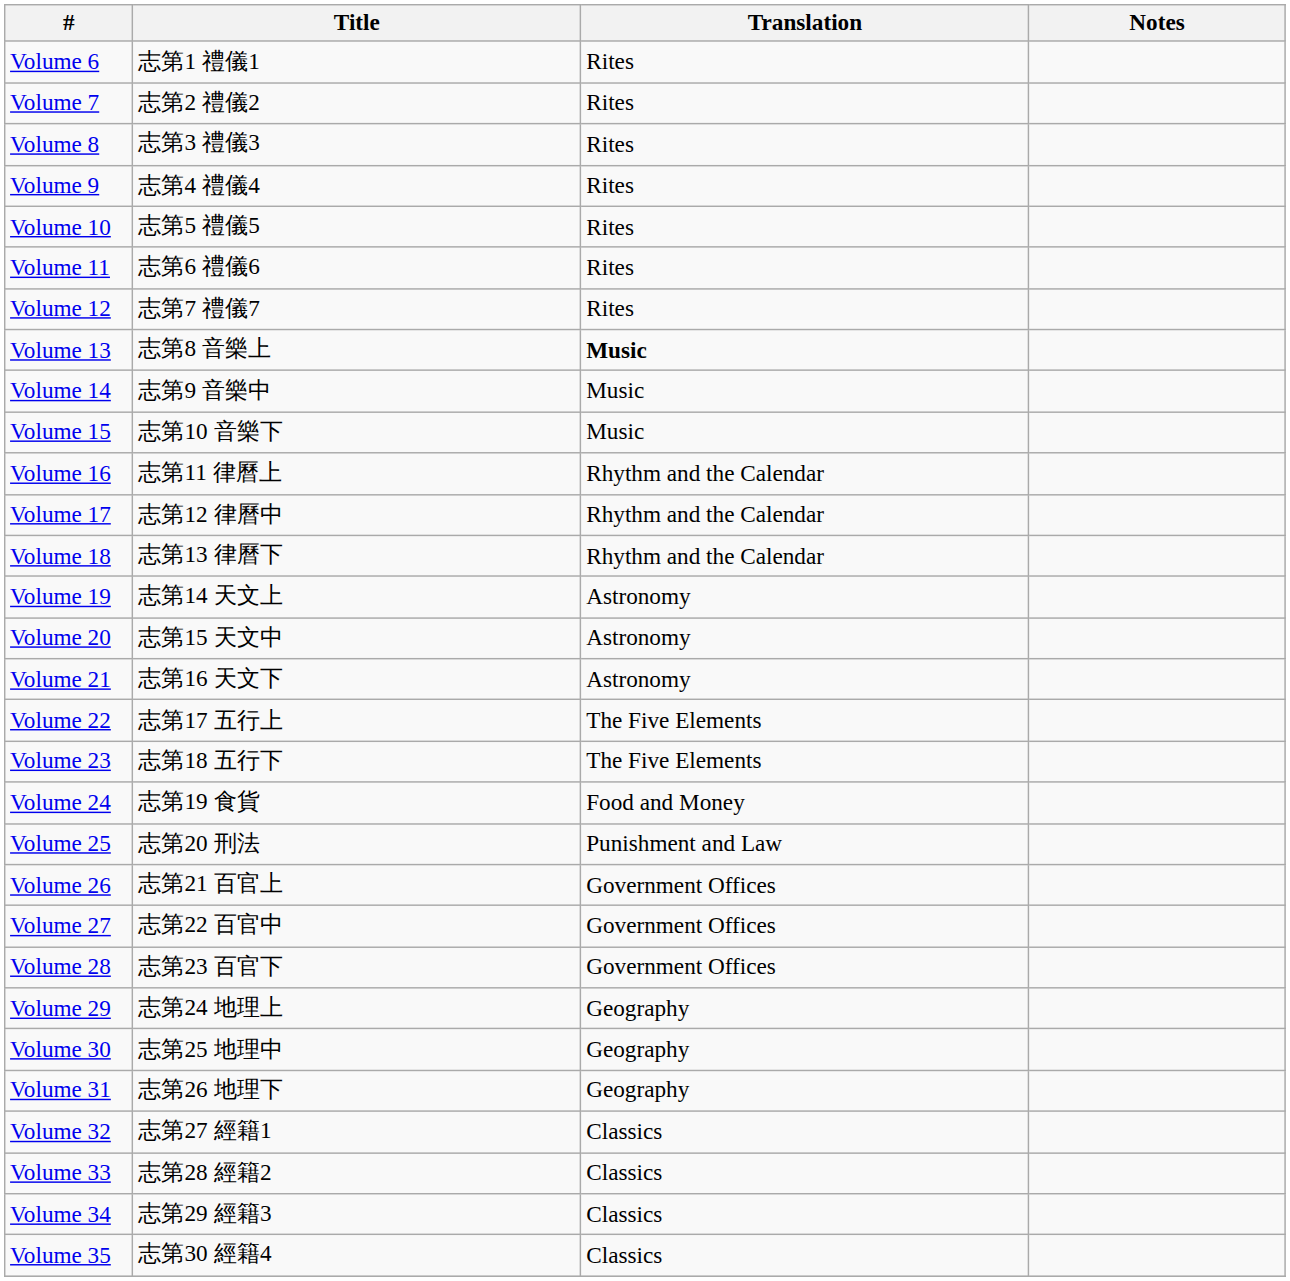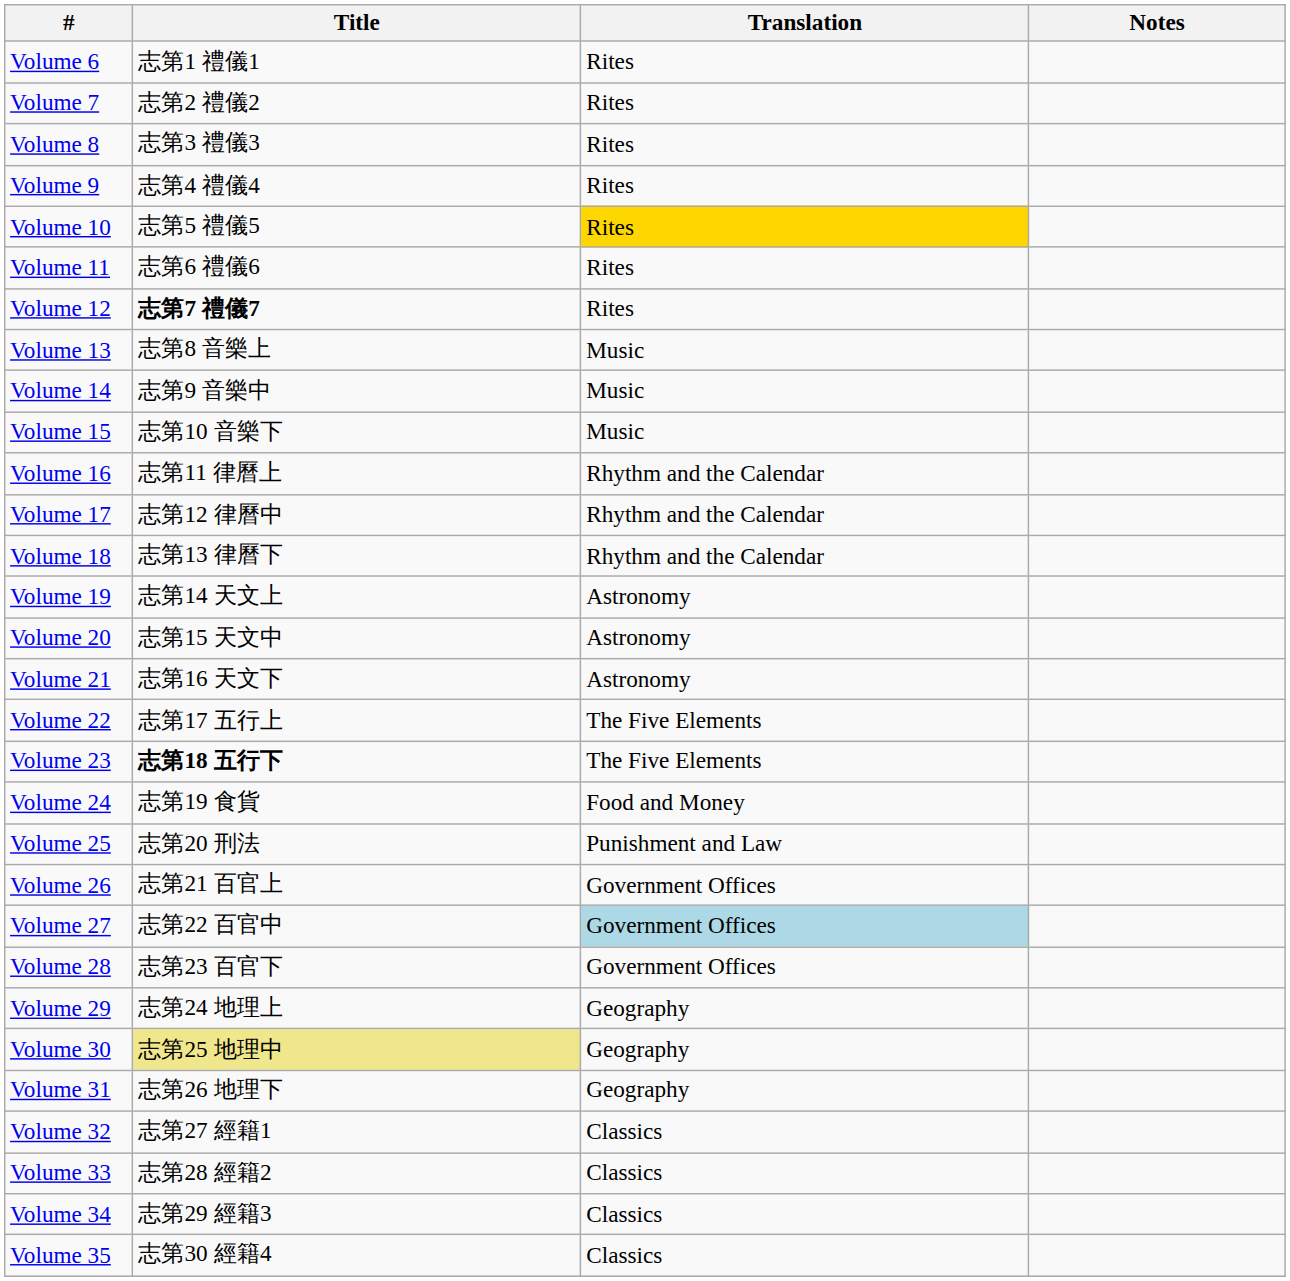 <table class=wikitable width=100%>
 <tr>
 <th width=10%>#</th>
 <th width=35%>Title</th>
 <th width=35%>Translation</th>
 <th width=20%>Notes</th>
 </tr>
 <tr>
 <td><a href='#'>Volume 6</a></td>
 <td>志第1 禮儀1</td>
 <td>Rites</td>
 <td></td>
 </tr>
 <tr>
 <td><a href='#'>Volume 7</a></td>
 <td>志第2 禮儀2</td>
 <td>Rites</td>
 <td></td>
 </tr>
 <tr>
 <td><a href='#'>Volume 8</a></td>
 <td>志第3 禮儀3</td>
 <td>Rites</td>
 <td></td>
 </tr>
 <tr>
 <td><a href='#'>Volume 9</a></td>
 <td>志第4 禮儀4</td>
 <td>Rites</td>
 <td></td>
 </tr>
 <tr>
 <td><a href='#'>Volume 10</a></td>
 <td>志第5 禮儀5</td>
-<td>Rites</td>
+<td style="background: gold;">Rites</td>
 <td></td>
 </tr>
 <tr>
 <td><a href='#'>Volume 11</a></td>
 <td>志第6 禮儀6</td>
 <td>Rites</td>
 <td></td>
 </tr>
 <tr>
 <td><a href='#'>Volume 12</a></td>
-<td>志第7 禮儀7</td>
+<td><strong>志第7 禮儀7</strong></td>
 <td>Rites</td>
 <td></td>
 </tr>
 <tr>
 <td><a href='#'>Volume 13</a></td>
 <td>志第8 音樂上</td>
-<td><strong>Music</strong></td>
+<td>Music</td>
 <td></td>
 </tr>
 <tr>
 <td><a href='#'>Volume 14</a></td>
 <td>志第9 音樂中</td>
 <td>Music</td>
 <td></td>
 </tr>
 <tr>
 <td><a href='#'>Volume 15</a></td>
 <td>志第10 音樂下</td>
 <td>Music</td>
 <td></td>
 </tr>
 <tr>
 <td><a href='#'>Volume 16</a></td>
 <td>志第11 律曆上</td>
 <td>Rhythm and the Calendar</td>
 <td></td>
 </tr>
 <tr>
 <td><a href='#'>Volume 17</a></td>
 <td>志第12 律曆中</td>
 <td>Rhythm and the Calendar</td>
 <td></td>
 </tr>
 <tr>
 <td><a href='#'>Volume 18</a></td>
 <td>志第13 律曆下</td>
 <td>Rhythm and the Calendar</td>
 <td></td>
 </tr>
 <tr>
 <td><a href='#'>Volume 19</a></td>
 <td>志第14 天文上</td>
 <td>Astronomy</td>
 <td></td>
 </tr>
 <tr>
 <td><a href='#'>Volume 20</a></td>
 <td>志第15 天文中</td>
 <td>Astronomy</td>
 <td></td>
 </tr>
 <tr>
 <td><a href='#'>Volume 21</a></td>
 <td>志第16 天文下</td>
 <td>Astronomy</td>
 <td></td>
 </tr>
 <tr>
 <td><a href='#'>Volume 22</a></td>
 <td>志第17 五行上</td>
 <td>The Five Elements</td>
 <td></td>
 </tr>
 <tr>
 <td><a href='#'>Volume 23</a></td>
-<td>志第18 五行下</td>
+<td><strong>志第18 五行下</strong></td>
 <td>The Five Elements</td>
 <td></td>
 </tr>
 <tr>
 <td><a href='#'>Volume 24</a></td>
 <td>志第19 食貨</td>
 <td>Food and Money</td>
 <td></td>
 </tr>
 <tr>
 <td><a href='#'>Volume 25</a></td>
 <td>志第20 刑法</td>
 <td>Punishment and Law</td>
 <td></td>
 </tr>
 <tr>
 <td><a href='#'>Volume 26</a></td>
 <td>志第21 百官上</td>
 <td>Government Offices</td>
 <td></td>
 </tr>
 <tr>
 <td><a href='#'>Volume 27</a></td>
 <td>志第22 百官中</td>
-<td>Government Offices</td>
+<td style="background: lightblue;">Government Offices</td>
 <td></td>
 </tr>
 <tr>
 <td><a href='#'>Volume 28</a></td>
 <td>志第23 百官下</td>
 <td>Government Offices</td>
 <td></td>
 </tr>
 <tr>
 <td><a href='#'>Volume 29</a></td>
 <td>志第24 地理上</td>
 <td>Geography</td>
 <td></td>
 </tr>
 <tr>
 <td><a href='#'>Volume 30</a></td>
-<td>志第25 地理中</td>
+<td style="background: khaki;">志第25 地理中</td>
 <td>Geography</td>
 <td></td>
 </tr>
 <tr>
 <td><a href='#'>Volume 31</a></td>
 <td>志第26 地理下</td>
 <td>Geography</td>
 <td></td>
 </tr>
 <tr>
 <td><a href='#'>Volume 32</a></td>
 <td>志第27 經籍1</td>
 <td>Classics</td>
 <td></td>
 </tr>
 <tr>
 <td><a href='#'>Volume 33</a></td>
 <td>志第28 經籍2</td>
 <td>Classics</td>
 <td></td>
 </tr>
 <tr>
 <td><a href='#'>Volume 34</a></td>
 <td>志第29 經籍3</td>
 <td>Classics</td>
 <td></td>
 </tr>
 <tr>
 <td><a href='#'>Volume 35</a></td>
 <td>志第30 經籍4</td>
 <td>Classics</td>
 <td></td>
 </tr>
 <tr>
 </tr>
 </table>
